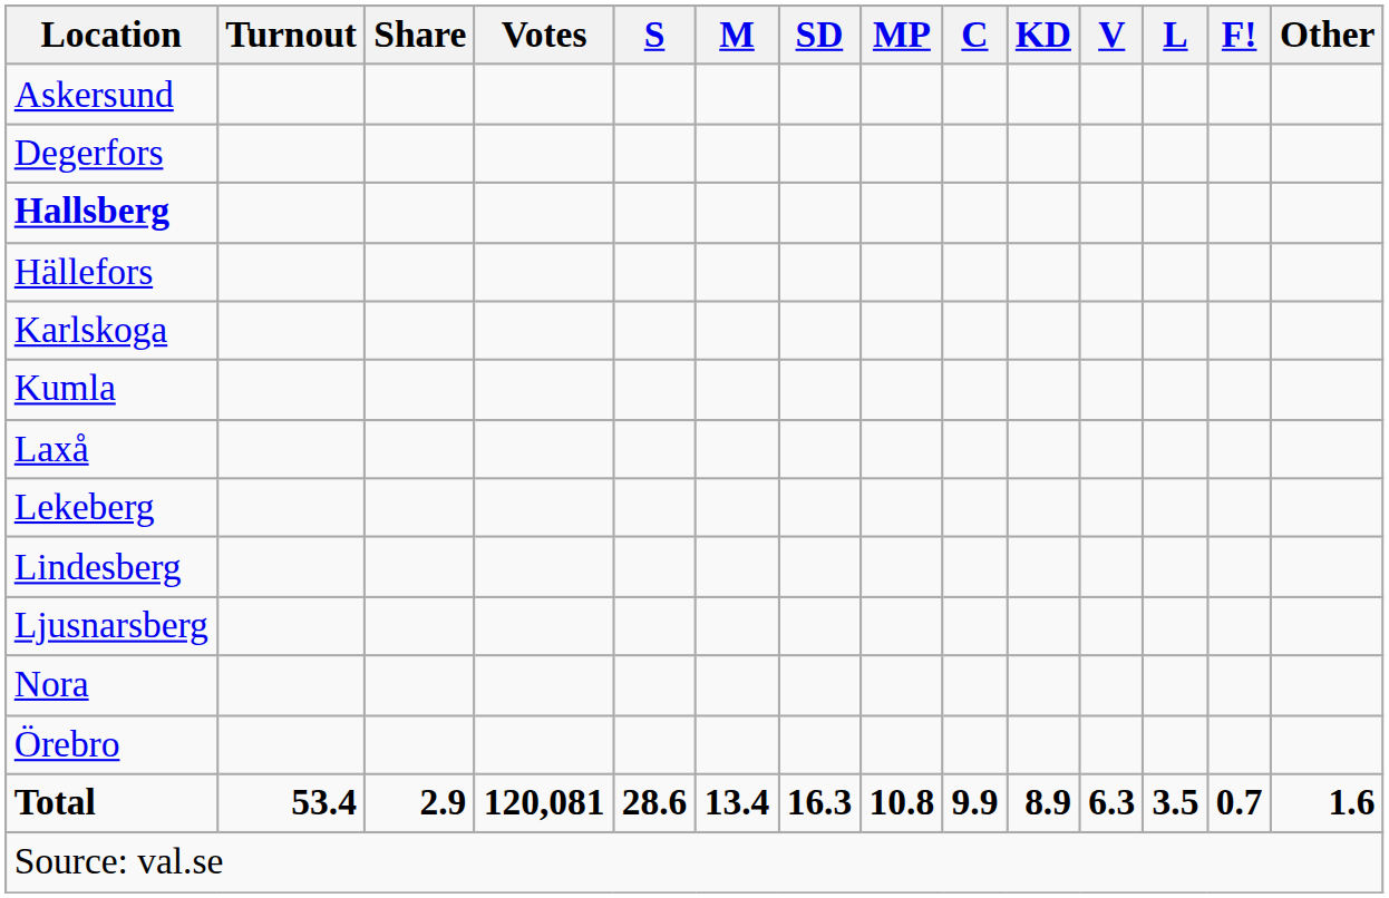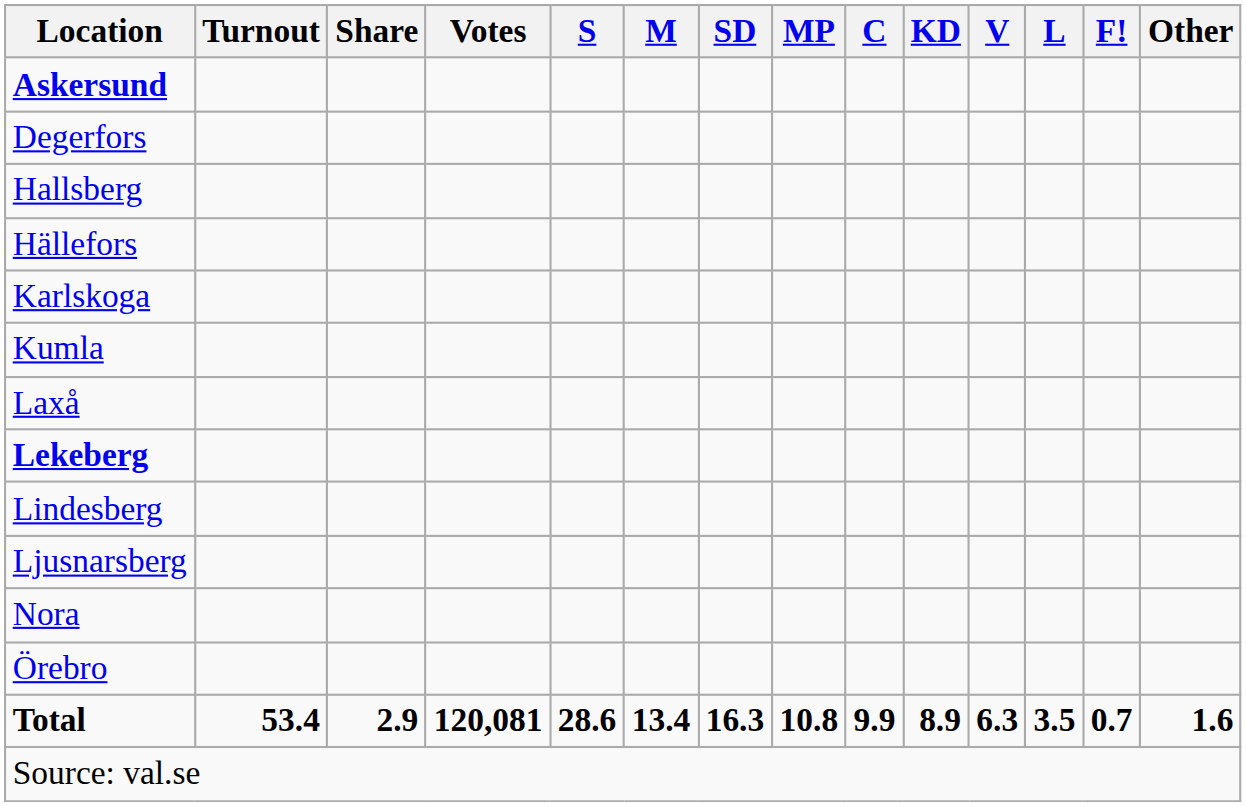 <table class="wikitable sortable" style=text-align:right>
 <tr>
 <th>Location</th>
 <th>Turnout</th>
 <th>Share</th>
 <th>Votes</th>
 <th><a href='#'>S</a></th>
 <th><a href='#'>M</a></th>
 <th><a href='#'>SD</a></th>
 <th><a href='#'>MP</a></th>
 <th><a href='#'>C</a></th>
 <th><a href='#'>KD</a></th>
 <th><a href='#'>V</a></th>
 <th><a href='#'>L</a></th>
 <th><a href='#'>F!</a></th>
 <th>Other</th>
 </tr>
 <tr>
-<td align=left><a href='#'>Askersund</a></td>
+<td align=left><strong><a href='#'>Askersund</a></strong></td>
 <td></td>
 <td></td>
 <td></td>
 <td></td>
 <td></td>
 <td></td>
 <td></td>
 <td></td>
 <td></td>
 <td></td>
 <td></td>
 <td></td>
 <td></td>
 </tr>
 <tr>
 <td align=left><a href='#'>Degerfors</a></td>
 <td></td>
 <td></td>
 <td></td>
 <td></td>
 <td></td>
 <td></td>
 <td></td>
 <td></td>
 <td></td>
 <td></td>
 <td></td>
 <td></td>
 <td></td>
 </tr>
 <tr>
-<td align=left><strong><a href='#'>Hallsberg</a></strong></td>
+<td align=left><a href='#'>Hallsberg</a></td>
 <td></td>
 <td></td>
 <td></td>
 <td></td>
 <td></td>
 <td></td>
 <td></td>
 <td></td>
 <td></td>
 <td></td>
 <td></td>
 <td></td>
 <td></td>
 </tr>
 <tr>
 <td align=left><a href='#'>Hällefors</a></td>
 <td></td>
 <td></td>
 <td></td>
 <td></td>
 <td></td>
 <td></td>
 <td></td>
 <td></td>
 <td></td>
 <td></td>
 <td></td>
 <td></td>
 <td></td>
 </tr>
 <tr>
 <td align=left><a href='#'>Karlskoga</a></td>
 <td></td>
 <td></td>
 <td></td>
 <td></td>
 <td></td>
 <td></td>
 <td></td>
 <td></td>
 <td></td>
 <td></td>
 <td></td>
 <td></td>
 <td></td>
 </tr>
 <tr>
 <td align=left><a href='#'>Kumla</a></td>
 <td></td>
 <td></td>
 <td></td>
 <td></td>
 <td></td>
 <td></td>
 <td></td>
 <td></td>
 <td></td>
 <td></td>
 <td></td>
 <td></td>
 <td></td>
 </tr>
 <tr>
 <td align=left><a href='#'>Laxå</a></td>
 <td></td>
 <td></td>
 <td></td>
 <td></td>
 <td></td>
 <td></td>
 <td></td>
 <td></td>
 <td></td>
 <td></td>
 <td></td>
 <td></td>
 <td></td>
 </tr>
 <tr>
-<td align=left><a href='#'>Lekeberg</a></td>
+<td align=left><strong><a href='#'>Lekeberg</a></strong></td>
 <td></td>
 <td></td>
 <td></td>
 <td></td>
 <td></td>
 <td></td>
 <td></td>
 <td></td>
 <td></td>
 <td></td>
 <td></td>
 <td></td>
 <td></td>
 </tr>
 <tr>
 <td align=left><a href='#'>Lindesberg</a></td>
 <td></td>
 <td></td>
 <td></td>
 <td></td>
 <td></td>
 <td></td>
 <td></td>
 <td></td>
 <td></td>
 <td></td>
 <td></td>
 <td></td>
 <td></td>
 </tr>
 <tr>
 <td align=left><a href='#'>Ljusnarsberg</a></td>
 <td></td>
 <td></td>
 <td></td>
 <td></td>
 <td></td>
 <td></td>
 <td></td>
 <td></td>
 <td></td>
 <td></td>
 <td></td>
 <td></td>
 <td></td>
 </tr>
 <tr>
 <td align=left><a href='#'>Nora</a></td>
 <td></td>
 <td></td>
 <td></td>
 <td></td>
 <td></td>
 <td></td>
 <td></td>
 <td></td>
 <td></td>
 <td></td>
 <td></td>
 <td></td>
 <td></td>
 </tr>
 <tr>
 <td align=left><a href='#'>Örebro</a></td>
 <td></td>
 <td></td>
 <td></td>
 <td></td>
 <td></td>
 <td></td>
 <td></td>
 <td></td>
 <td></td>
 <td></td>
 <td></td>
 <td></td>
 <td></td>
 </tr>
 <tr>
 <td align=left><strong>Total</strong></td>
 <td><strong>53.4</strong></td>
 <td><strong>2.9</strong></td>
 <td><strong>120,081</strong></td>
 <td><strong>28.6</strong></td>
 <td><strong>13.4</strong></td>
 <td><strong>16.3</strong></td>
 <td><strong>10.8</strong></td>
 <td><strong>9.9</strong></td>
 <td><strong>8.9</strong></td>
 <td><strong>6.3</strong></td>
 <td><strong>3.5</strong></td>
 <td><strong>0.7</strong></td>
 <td><strong>1.6</strong></td>
 </tr>
 <tr>
 <td align=left colspan=14>Source: val.se </td>
 </tr>
 </table>
